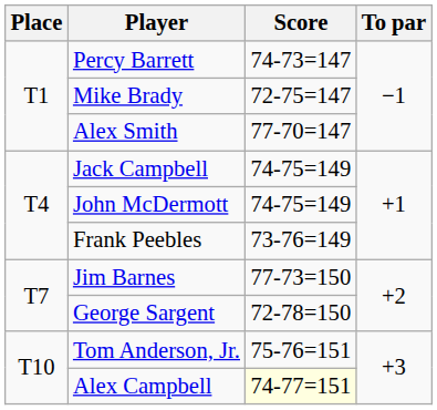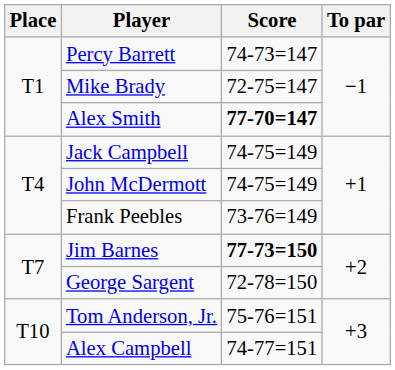 <table class=wikitable>
 <tr>
 <th>Place</th>
 <th>Player</th>
 <th>Score</th>
 <th>To par</th>
 </tr>
 <tr>
 <td rowspan=3 align=center>T1</td>
 <td> <a href='#'>Percy Barrett</a><br></td>
 <td>74-73=147</td>
 <td rowspan=3 align=center>−1</td>
 </tr>
 <tr>
 <td> <a href='#'>Mike Brady</a></td>
 <td>72-75=147</td>
 </tr>
 <tr>
 <td> <a href='#'>Alex Smith</a></td>
-<td>77-70=147</td>
+<td><strong>77-70=147</strong></td>
 </tr>
 <tr>
 <td rowspan=3 align=center>T4</td>
 <td> <a href='#'>Jack Campbell</a></td>
 <td>74-75=149</td>
 <td rowspan=3 align=center>+1</td>
 </tr>
 <tr>
 <td> <a href='#'>John McDermott</a></td>
 <td>74-75=149</td>
 </tr>
 <tr>
 <td> Frank Peebles</td>
 <td>73-76=149</td>
 </tr>
 <tr>
 <td rowspan=2 align=center>T7</td>
 <td> <a href='#'>Jim Barnes</a></td>
-<td>77-73=150</td>
+<td><strong>77-73=150</strong></td>
 <td rowspan=2 align=center>+2</td>
 </tr>
 <tr>
 <td> <a href='#'>George Sargent</a></td>
 <td>72-78=150</td>
 </tr>
 <tr>
 <td rowspan=2 align=center>T10</td>
 <td> <a href='#'>Tom Anderson, Jr.</a></td>
 <td>75-76=151</td>
 <td rowspan=2 align=center>+3</td>
 </tr>
 <tr>
 <td> <a href='#'>Alex Campbell</a></td>
-<td style="background: lightyellow;">74-77=151</td>
+<td>74-77=151</td>
 </tr>
 </table>
